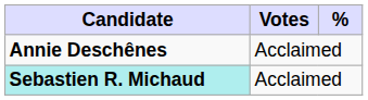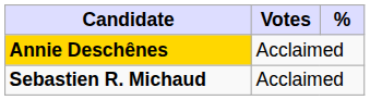 <table class="wikitable">
 <tr>
 <th style="background:#ddf; width:200px;">Candidate</th>
 <th style="background:#ddf; width:50px;">Votes</th>
 <th style="background:#ddf; width:30px;">%</th>
 </tr>
 <tr>
-<td><strong>Annie Deschênes</strong></td>
+<td style="background: gold;"><strong>Annie Deschênes</strong></td>
 <td colspan="2">Acclaimed</td>
 </tr>
 <tr>
-<td style="background: paleturquoise;"><strong>Sebastien R. Michaud</strong></td>
+<td><strong>Sebastien R. Michaud</strong></td>
 <td colspan="2">Acclaimed</td>
 </tr>
 </table>
